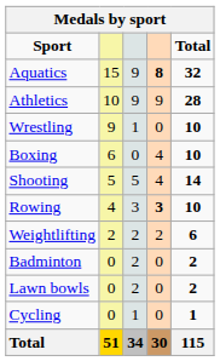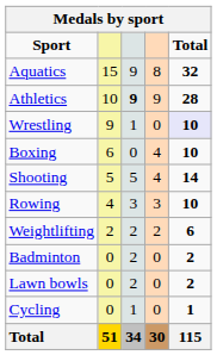 <table class="wikitable" style="font-size:85%;float:right;text-align:center">
 <tr style="background:#efefef;">
 <th colspan=7>Medals by sport</th>
 </tr>
 <tr>
 <td><strong>Sport</strong></td>
 <td bgcolor=#f7f6a8></td>
 <td bgcolor=#dce5e5></td>
 <td bgcolor=#ffdab9></td>
 <td><strong>Total</strong></td>
 </tr>
 <tr>
 <td style="text-align:left;"><a href='#'>Aquatics</a></td>
 <td style="background:#F7F6A8;">15</td>
 <td style="background:#DCE5E5;">9</td>
-<td style="background:#FFDAB9;"><strong>8</strong></td>
+<td style="background:#FFDAB9;">8</td>
 <td><strong>32</strong></td>
 </tr>
 <tr>
 <td style="text-align:left;"><a href='#'>Athletics</a></td>
 <td style="background:#F7F6A8;">10</td>
-<td style="background:#DCE5E5;">9</td>
+<td style="background:#DCE5E5;"><strong>9</strong></td>
 <td style="background:#FFDAB9;">9</td>
 <td><strong>28</strong></td>
 </tr>
 <tr>
 <td style="text-align:left;"><a href='#'>Wrestling</a></td>
 <td style="background:#F7F6A8;">9</td>
 <td style="background:#DCE5E5;">1</td>
 <td style="background:#FFDAB9;">0</td>
-<td><strong>10</strong></td>
+<td style="background: lavender;"><strong>10</strong></td>
 </tr>
 <tr>
 <td style="text-align:left;"><a href='#'>Boxing</a></td>
 <td style="background:#F7F6A8;">6</td>
 <td style="background:#DCE5E5;">0</td>
 <td style="background:#FFDAB9;">4</td>
 <td><strong>10</strong></td>
 </tr>
 <tr>
 <td style="text-align:left;"><a href='#'>Shooting</a></td>
 <td style="background:#F7F6A8;">5</td>
 <td style="background:#DCE5E5;">5</td>
 <td style="background:#FFDAB9;">4</td>
 <td><strong>14</strong></td>
 </tr>
 <tr>
 <td style="text-align:left;"><a href='#'>Rowing</a></td>
 <td style="background:#F7F6A8;">4</td>
 <td style="background:#DCE5E5;">3</td>
-<td style="background:#FFDAB9;"><strong>3</strong></td>
+<td style="background:#FFDAB9;">3</td>
 <td><strong>10</strong></td>
 </tr>
 <tr>
 <td style="text-align:left;"><a href='#'>Weightlifting</a></td>
 <td style="background:#F7F6A8;">2</td>
 <td style="background:#DCE5E5;">2</td>
 <td style="background:#FFDAB9;">2</td>
 <td><strong>6</strong></td>
 </tr>
 <tr>
 <td style="text-align:left;"><a href='#'>Badminton</a></td>
 <td style="background:#F7F6A8;">0</td>
 <td style="background:#DCE5E5;">2</td>
 <td style="background:#FFDAB9;">0</td>
 <td><strong>2</strong></td>
 </tr>
 <tr>
 <td style="text-align:left;"><a href='#'>Lawn bowls</a></td>
 <td style="background:#F7F6A8;">0</td>
 <td style="background:#DCE5E5;">2</td>
 <td style="background:#FFDAB9;">0</td>
 <td><strong>2</strong></td>
 </tr>
 <tr>
 <td style="text-align:left;"><a href='#'>Cycling</a></td>
 <td style="background:#F7F6A8;">0</td>
 <td style="background:#DCE5E5;">1</td>
 <td style="background:#FFDAB9;">0</td>
 <td><strong>1</strong></td>
 </tr>
 <tr>
 <th style="text-align:left;">Total</th>
 <th style="background:gold;">51</th>
 <th style="background:silver;">34</th>
 <th style="background:#c96;">30</th>
 <th>115</th>
 </tr>
 </table>
